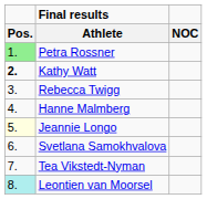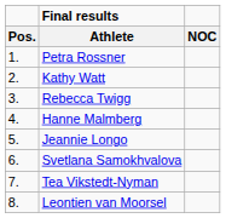 <table class="wikitable" style="font-size:95%;">
 <tr>
 <td></td>
 <td><strong>Final results</strong></td>
 </tr>
 <tr>
 <th>Pos.</th>
 <th>Athlete</th>
 <th>NOC</th>
 </tr>
 <tr>
-<td style="background: lightgreen;">1.</td>
+<td>1.</td>
 <td><a href='#'>Petra Rossner</a></td>
 <td></td>
 </tr>
 <tr>
-<td><strong>2.</strong></td>
+<td>2.</td>
 <td><a href='#'>Kathy Watt</a></td>
 <td></td>
 </tr>
 <tr>
 <td>3.</td>
 <td><a href='#'>Rebecca Twigg</a></td>
 <td></td>
 </tr>
 <tr>
 <td>4.</td>
 <td><a href='#'>Hanne Malmberg</a></td>
 <td></td>
 </tr>
 <tr>
-<td style="background: lightyellow;">5.</td>
+<td>5.</td>
 <td><a href='#'>Jeannie Longo</a></td>
 <td></td>
 </tr>
 <tr>
 <td>6.</td>
 <td><a href='#'>Svetlana Samokhvalova</a></td>
 <td></td>
 </tr>
 <tr>
 <td>7.</td>
 <td><a href='#'>Tea Vikstedt-Nyman</a></td>
 <td></td>
 </tr>
 <tr>
-<td style="background: paleturquoise;">8.</td>
+<td>8.</td>
 <td><a href='#'>Leontien van Moorsel</a></td>
 <td></td>
 </tr>
 </table>
